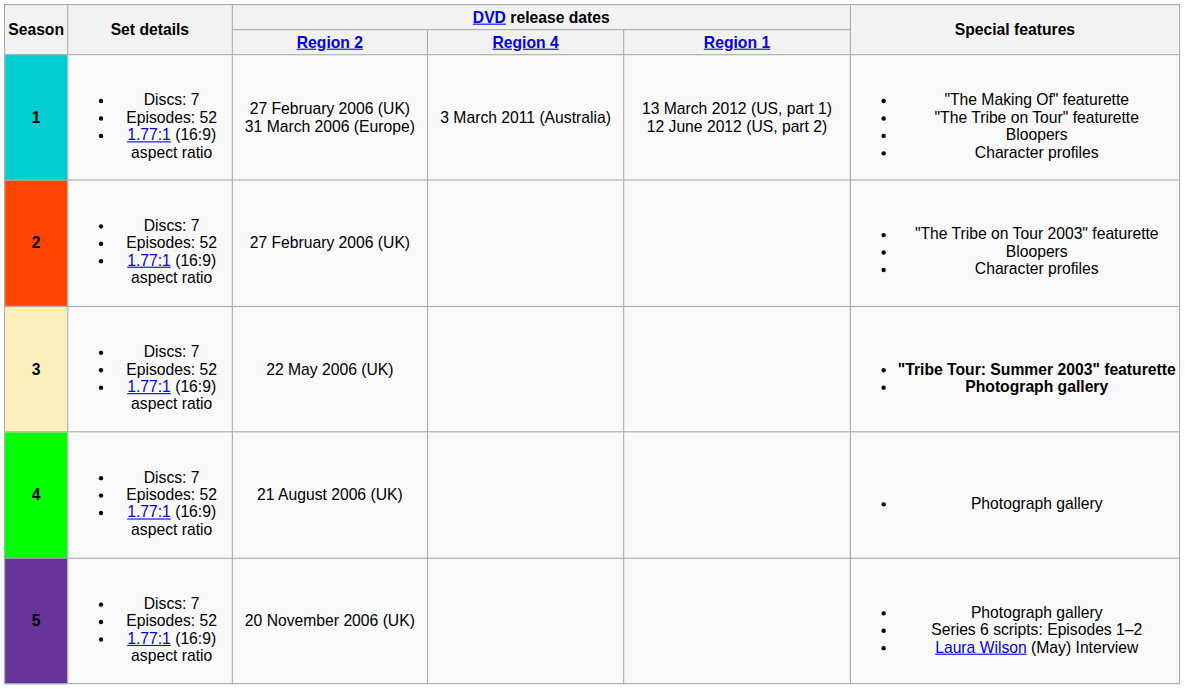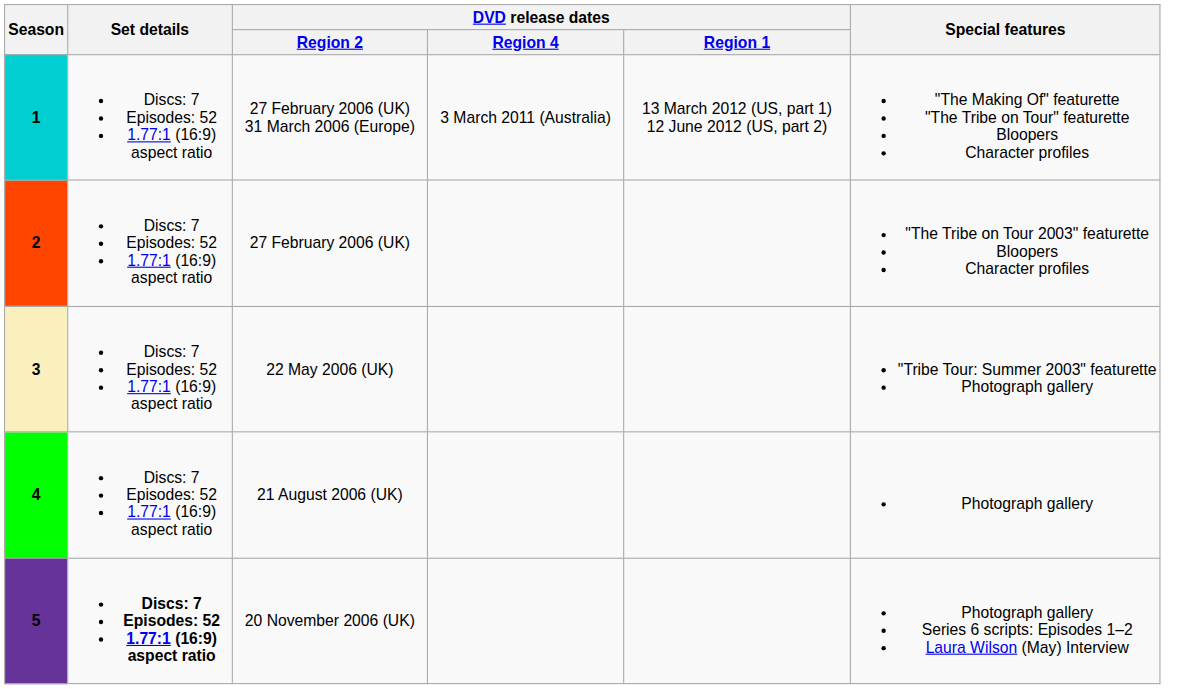 <table class="wikitable plainrowheaders" style="font-size:90%; text-align: center">
 <tr>
 <th scope="col" rowspan="2" style="width: 3em;">Season</th>
 <th scope="col" rowspan="2" style="width: 10em;">Set details</th>
 <th scope="col" colspan="3"><a href='#'>DVD</a> release dates</th>
 <th scope="col" rowspan="2">Special features</th>
 </tr>
 <tr>
 <th scope="col" style="width: 12em; font-size: 100%;"><a href='#'>Region 2</a></th>
 <th scope="col" style="width: 12em; font-size: 100%;"><a href='#'>Region 4</a></th>
 <th scope="col" style="width: 14em; font-size: 100%;"><a href='#'>Region 1</a></th>
 </tr>
 <tr>
 <th scope="row" style="text-align:center; background:#00CED1;">1</th>
 <td><br><ul><li>Discs: 7</li><li>Episodes: 52</li><li><a href='#'>1.77:1</a> (16:9) aspect ratio</li></ul></td>
 <td>27 February 2006 (UK) <br> 31 March 2006 (Europe)</td>
 <td>3 March 2011 (Australia)</td>
 <td>13 March 2012 (US, part 1)<br> 12 June 2012 (US, part 2)</td>
 <td><br><ul><li>"The Making Of" featurette</li><li>"The Tribe on Tour" featurette</li><li>Bloopers</li><li>Character profiles</li></ul></td>
 </tr>
 <tr>
 <th scope="row" style="text-align:center; background:#FF4500;">2</th>
 <td><br><ul><li>Discs: 7</li><li>Episodes: 52</li><li><a href='#'>1.77:1</a> (16:9) aspect ratio</li></ul></td>
 <td>27 February 2006 (UK)</td>
 <td></td>
 <td></td>
 <td><br><ul><li>"The Tribe on Tour 2003" featurette</li><li>Bloopers</li><li>Character profiles</li></ul></td>
 </tr>
 <tr>
 <th scope="row" style="text-align:center; background:#FAF0BE;">3</th>
 <td><br><ul><li>Discs: 7</li><li>Episodes: 52</li><li><a href='#'>1.77:1</a> (16:9) aspect ratio</li></ul></td>
 <td>22 May 2006 (UK)</td>
 <td></td>
 <td></td>
-<td><strong><br><ul><li>"Tribe Tour: Summer 2003" featurette</li><li>Photograph gallery</li></ul></strong></td>
+<td><br><ul><li>"Tribe Tour: Summer 2003" featurette</li><li>Photograph gallery</li></ul></td>
 </tr>
 <tr>
 <th scope="row" style="text-align:center; background:#00FF00;">4</th>
 <td><br><ul><li>Discs: 7</li><li>Episodes: 52</li><li><a href='#'>1.77:1</a> (16:9) aspect ratio</li></ul></td>
 <td>21 August 2006 (UK)</td>
 <td></td>
 <td></td>
 <td><br><ul><li>Photograph gallery</li></ul></td>
 </tr>
 <tr>
 <th scope="row" style="text-align:center; background:#663399;">5</th>
-<td><br><ul><li>Discs: 7</li><li>Episodes: 52</li><li><a href='#'>1.77:1</a> (16:9) aspect ratio</li></ul></td>
+<td><strong><br><ul><li>Discs: 7</li><li>Episodes: 52</li><li><a href='#'>1.77:1</a> (16:9) aspect ratio</li></ul></strong></td>
 <td>20 November 2006 (UK)</td>
 <td></td>
 <td></td>
 <td><br><ul><li>Photograph gallery</li><li>Series 6 scripts: Episodes 1–2</li><li><a href='#'>Laura Wilson</a> (May) Interview</li></ul></td>
 </tr>
 </table>
